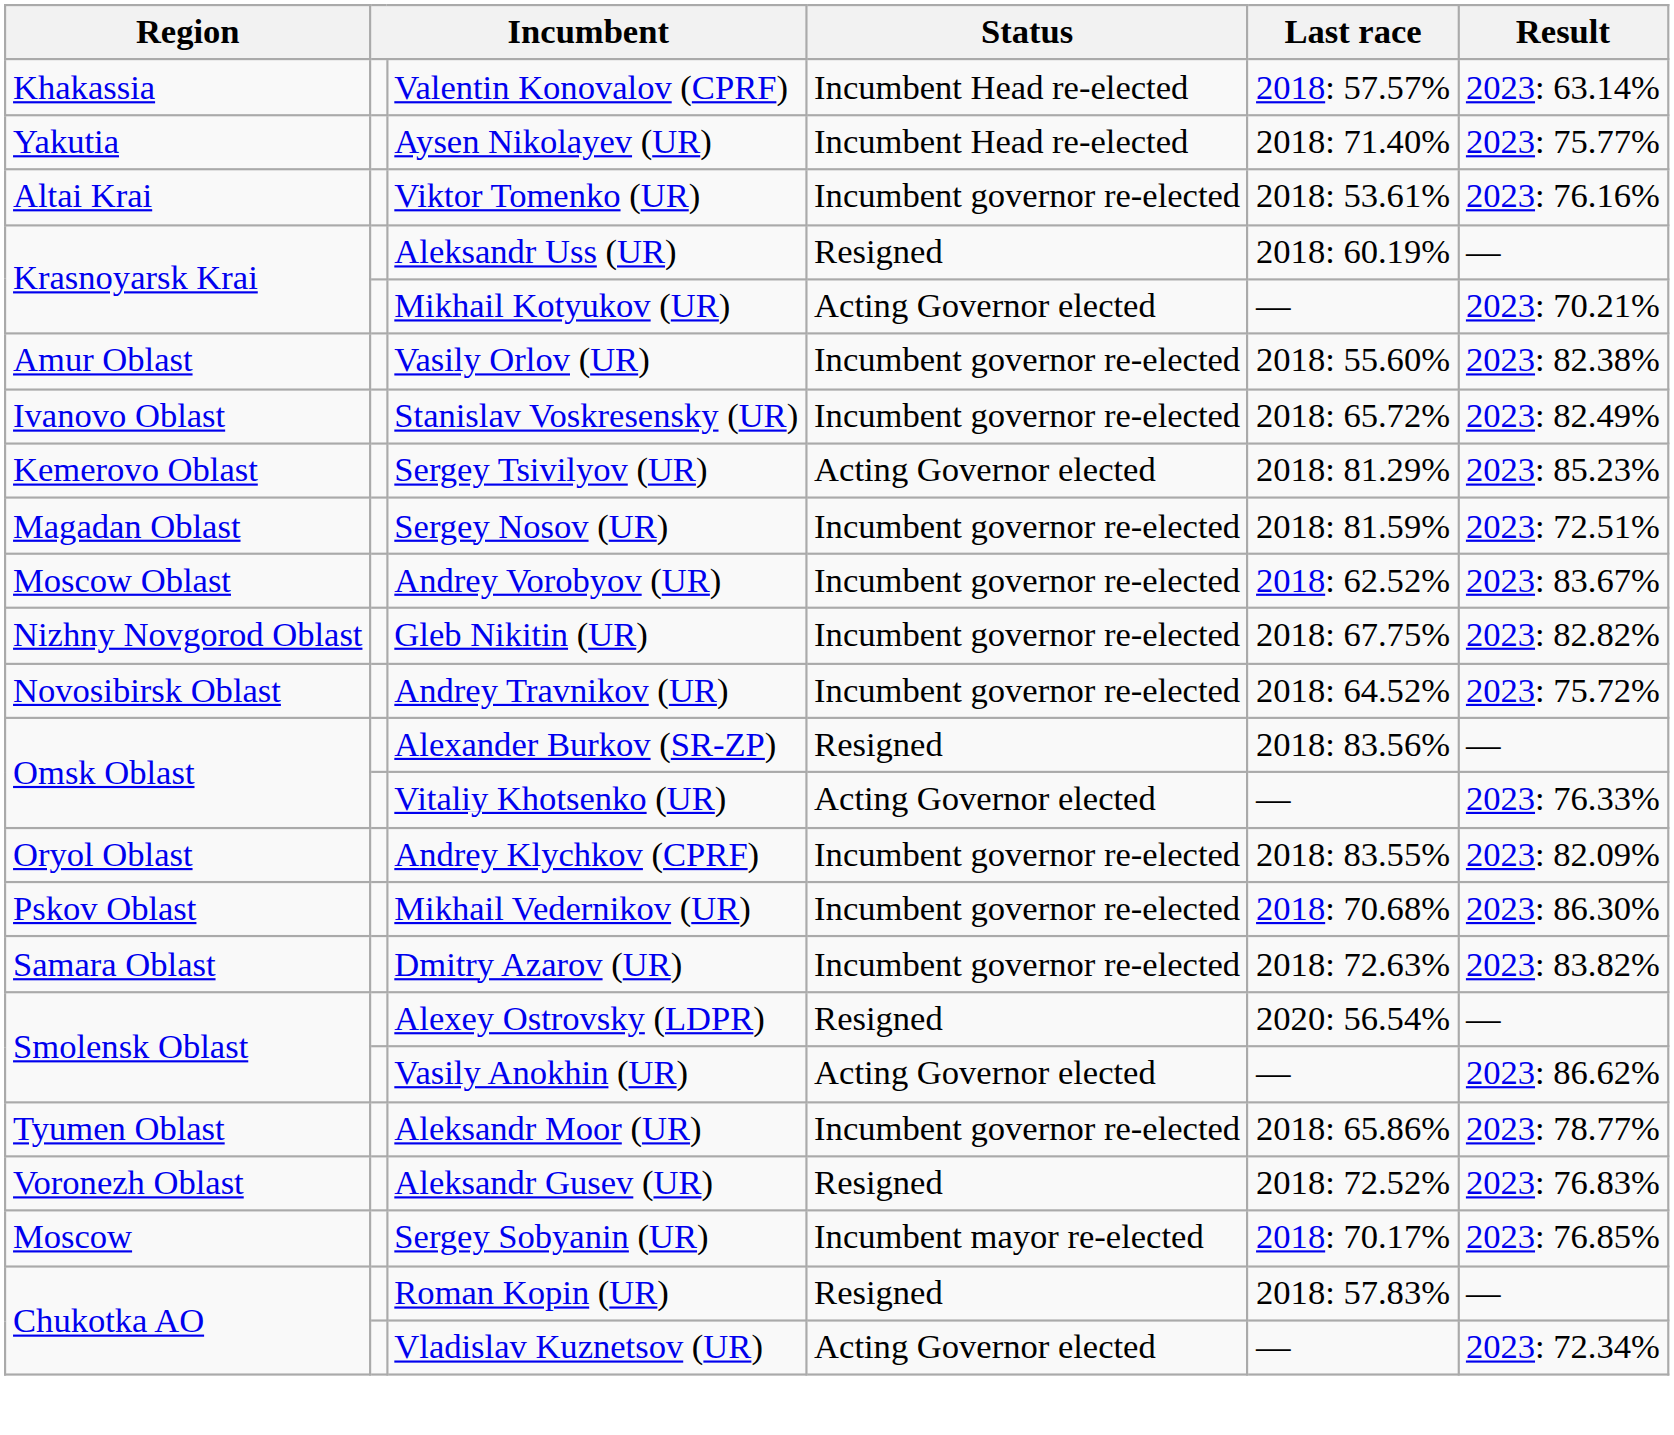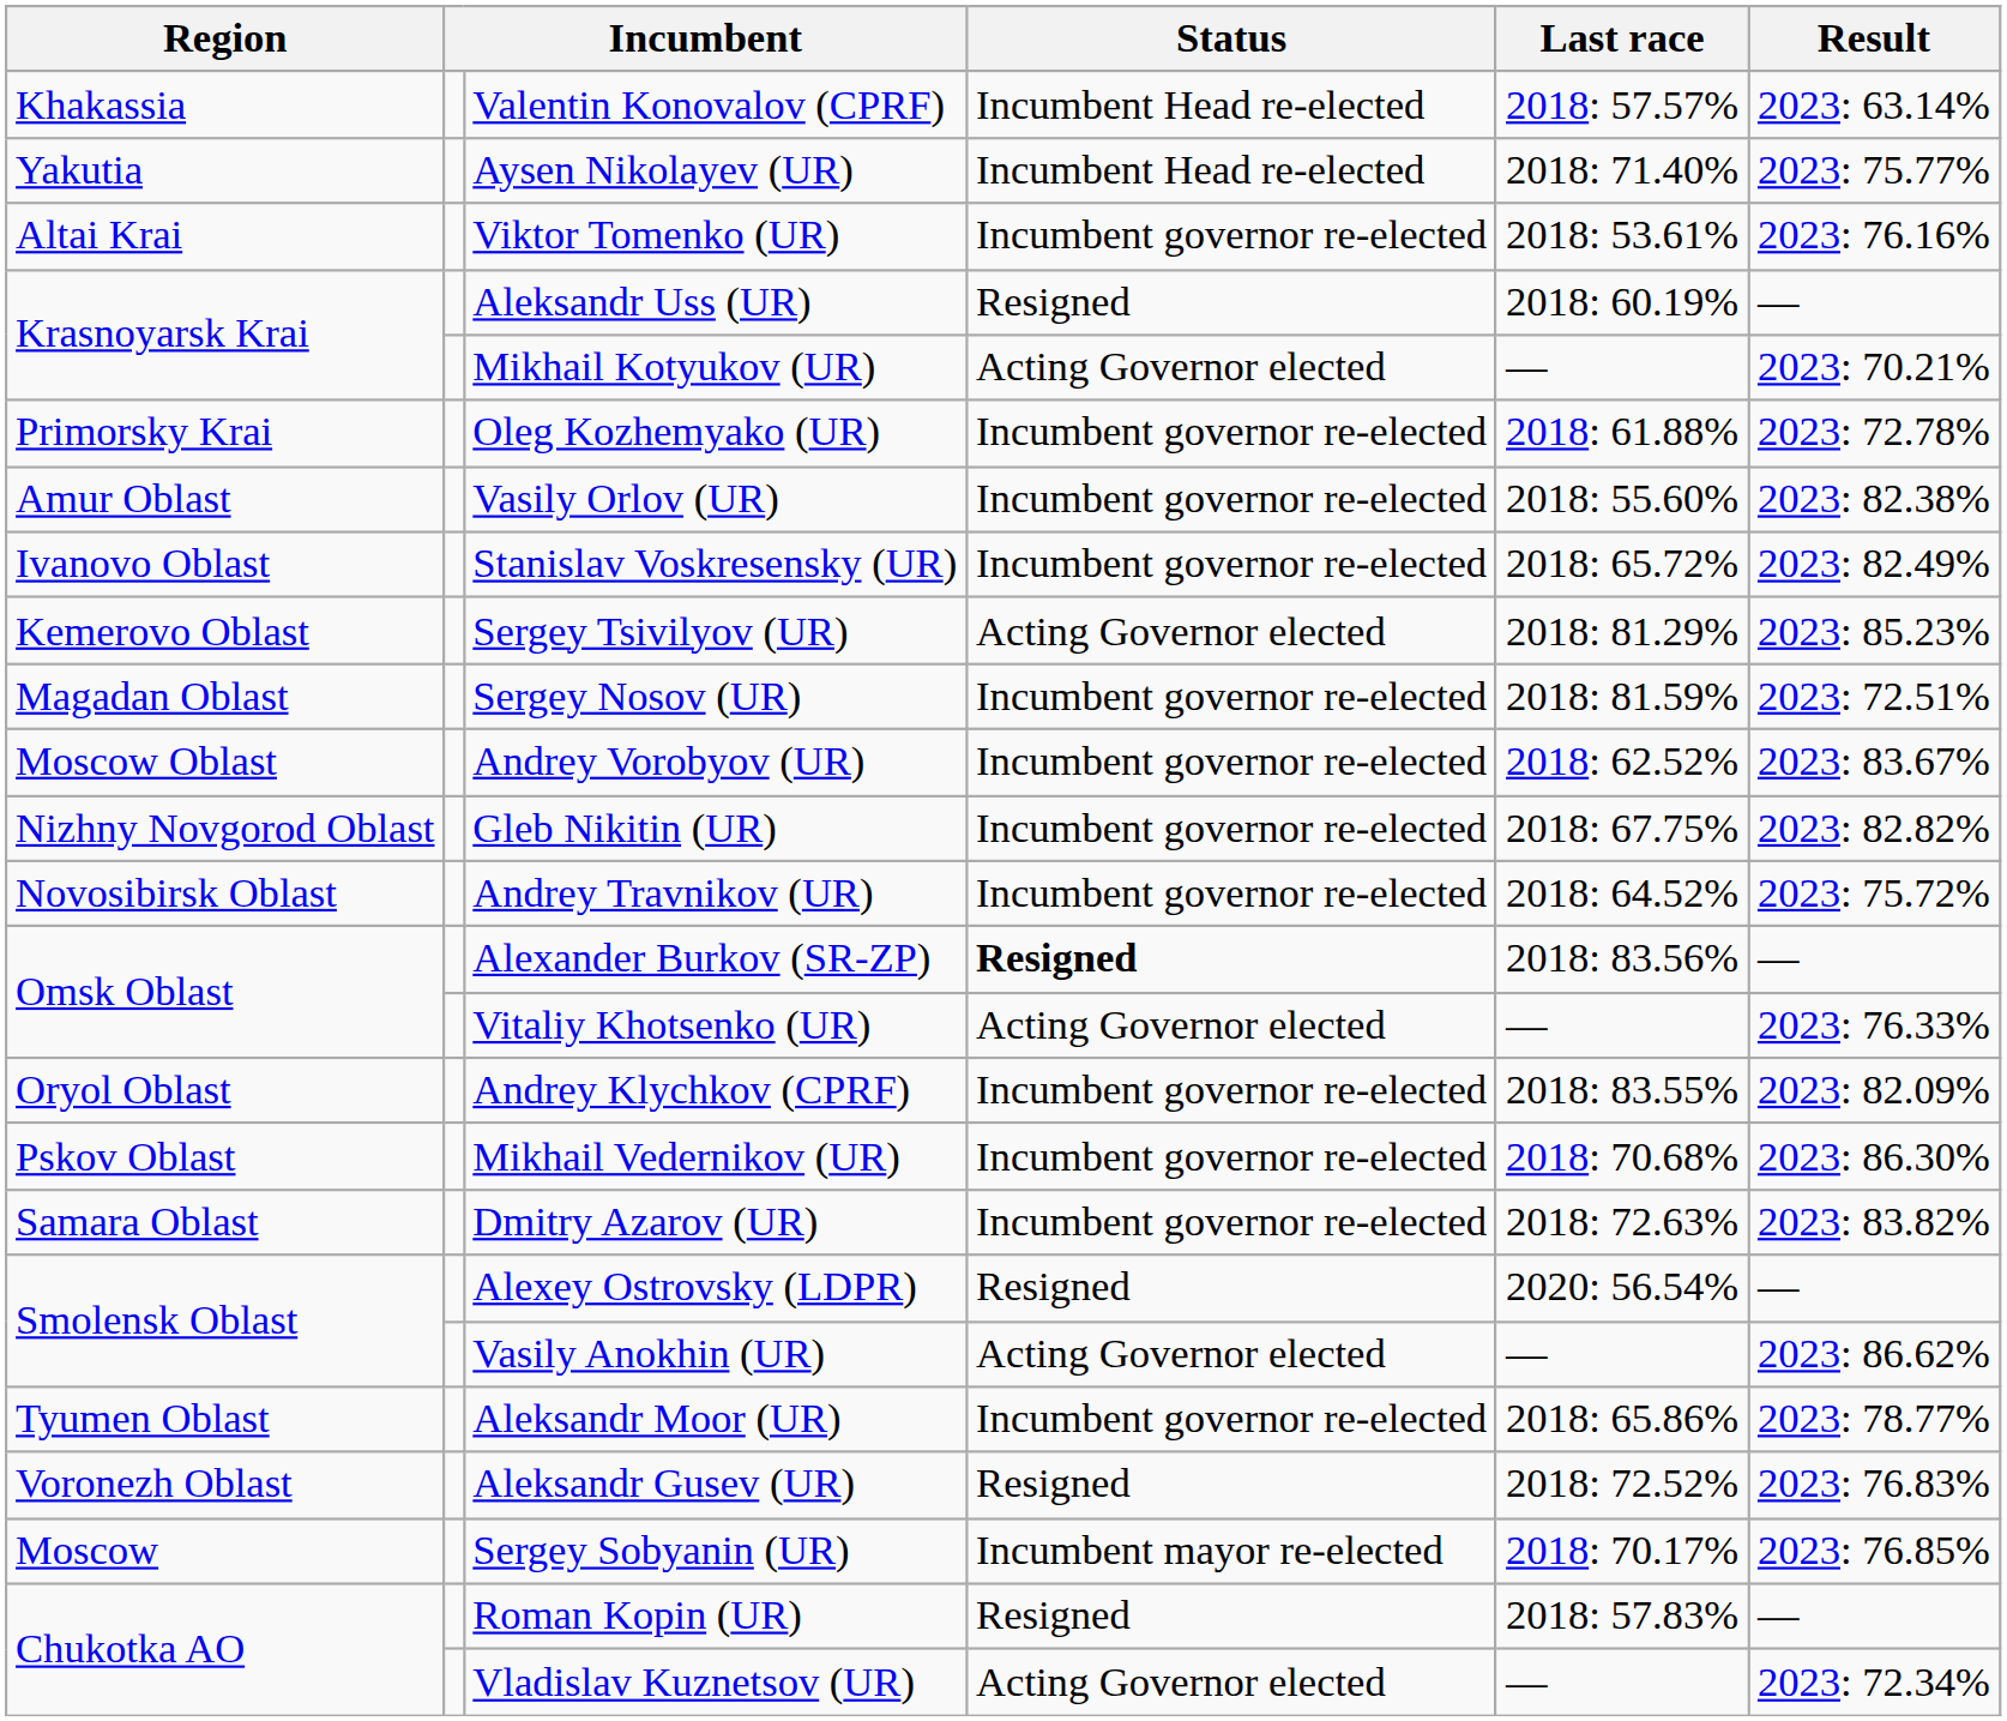 <table class="wikitable">
 <tr>
 <th>Region</th>
 <th colspan=2>Incumbent</th>
 <th>Status</th>
 <th>Last race</th>
 <th>Result</th>
 </tr>
 <tr>
 <td><a href='#'>Khakassia</a></td>
 <td style="background-color:"></td>
 <td><a href='#'>Valentin Konovalov</a> (<a href='#'>CPRF</a>)</td>
 <td>Incumbent Head re-elected</td>
 <td><a href='#'>2018</a>: 57.57%</td>
 <td><a href='#'>2023</a>: 63.14%</td>
 </tr>
 <tr>
 <td><a href='#'>Yakutia</a></td>
 <td style="background-color:"></td>
 <td><a href='#'>Aysen Nikolayev</a> (<a href='#'>UR</a>)</td>
 <td>Incumbent Head re-elected</td>
 <td>2018: 71.40%</td>
 <td><a href='#'>2023</a>: 75.77%</td>
 </tr>
 <tr>
 <td><a href='#'>Altai Krai</a></td>
 <td style="background-color:"></td>
 <td><a href='#'>Viktor Tomenko</a> (<a href='#'>UR</a>)</td>
 <td>Incumbent governor re-elected </td>
 <td>2018: 53.61%</td>
 <td><a href='#'>2023</a>: 76.16%</td>
 </tr>
 <tr>
 <td rowspan=2><a href='#'>Krasnoyarsk Krai</a></td>
 <td style="background-color:"></td>
 <td><a href='#'>Aleksandr Uss</a> (<a href='#'>UR</a>)</td>
 <td>Resigned</td>
 <td>2018: 60.19%</td>
 <td>—</td>
 </tr>
 <tr>
 <td style="background-color:"></td>
 <td><a href='#'>Mikhail Kotyukov</a> (<a href='#'>UR</a>)</td>
 <td>Acting Governor elected</td>
 <td>—</td>
 <td><a href='#'>2023</a>: 70.21%</td>
+</tr>
+<tr>
+<td><a href='#'>Primorsky Krai</a></td>
+<td style="background-color:"></td>
+<td><a href='#'>Oleg Kozhemyako</a> (<a href='#'>UR</a>)</td>
+<td>Incumbent governor re-elected</td>
+<td><a href='#'>2018</a>: 61.88%</td>
+<td><a href='#'>2023</a>: 72.78%</td>
 </tr>
 <tr>
 <td><a href='#'>Amur Oblast</a></td>
 <td style="background-color:"></td>
 <td><a href='#'>Vasily Orlov</a> (<a href='#'>UR</a>)</td>
 <td>Incumbent governor re-elected</td>
 <td>2018: 55.60%</td>
 <td><a href='#'>2023</a>: 82.38%</td>
 </tr>
 <tr>
 <td><a href='#'>Ivanovo Oblast</a></td>
 <td style="background-color:"></td>
 <td><a href='#'>Stanislav Voskresensky</a> (<a href='#'>UR</a>)</td>
 <td>Incumbent governor re-elected</td>
 <td>2018: 65.72%</td>
 <td><a href='#'>2023</a>: 82.49%</td>
 </tr>
 <tr>
 <td><a href='#'>Kemerovo Oblast</a></td>
 <td style="background-color:"></td>
 <td><a href='#'>Sergey Tsivilyov</a> (<a href='#'>UR</a>)</td>
 <td>Acting Governor elected</td>
 <td>2018: 81.29%</td>
 <td><a href='#'>2023</a>: 85.23%</td>
 </tr>
 <tr>
 <td><a href='#'>Magadan Oblast</a></td>
 <td style="background-color:"></td>
 <td><a href='#'>Sergey Nosov</a> (<a href='#'>UR</a>)</td>
 <td>Incumbent governor re-elected</td>
 <td>2018: 81.59%</td>
 <td><a href='#'>2023</a>: 72.51%</td>
 </tr>
 <tr>
 <td><a href='#'>Moscow Oblast</a></td>
 <td style="background-color:"></td>
 <td><a href='#'>Andrey Vorobyov</a> (<a href='#'>UR</a>)</td>
 <td>Incumbent governor re-elected</td>
 <td><a href='#'>2018</a>: 62.52%</td>
 <td><a href='#'>2023</a>: 83.67%</td>
 </tr>
 <tr>
 <td><a href='#'>Nizhny Novgorod Oblast</a></td>
 <td style="background-color:"></td>
 <td><a href='#'>Gleb Nikitin</a> (<a href='#'>UR</a>)</td>
 <td>Incumbent governor re-elected</td>
 <td>2018: 67.75%</td>
 <td><a href='#'>2023</a>: 82.82%</td>
 </tr>
 <tr>
 <td><a href='#'>Novosibirsk Oblast</a></td>
 <td style="background-color:"></td>
 <td><a href='#'>Andrey Travnikov</a> (<a href='#'>UR</a>)</td>
 <td>Incumbent governor re-elected</td>
 <td>2018: 64.52%</td>
 <td><a href='#'>2023</a>: 75.72%</td>
 </tr>
 <tr>
 <td rowspan=2><a href='#'>Omsk Oblast</a></td>
 <td style="background-color:"></td>
 <td><a href='#'>Alexander Burkov</a> (<a href='#'>SR-ZP</a>)</td>
-<td>Resigned</td>
+<td><strong>Resigned</strong></td>
 <td>2018: 83.56%</td>
 <td>—</td>
 </tr>
 <tr>
 <td style="background-color:"></td>
 <td><a href='#'>Vitaliy Khotsenko</a> (<a href='#'>UR</a>)</td>
 <td>Acting Governor elected</td>
 <td>—</td>
 <td><a href='#'>2023</a>: 76.33%</td>
 </tr>
 <tr>
 <td><a href='#'>Oryol Oblast</a></td>
 <td style="background-color:"></td>
 <td><a href='#'>Andrey Klychkov</a> (<a href='#'>CPRF</a>)</td>
 <td>Incumbent governor re-elected</td>
 <td>2018: 83.55%</td>
 <td><a href='#'>2023</a>: 82.09%</td>
 </tr>
 <tr>
 <td><a href='#'>Pskov Oblast</a></td>
 <td style="background-color:"></td>
 <td><a href='#'>Mikhail Vedernikov</a> (<a href='#'>UR</a>)</td>
 <td>Incumbent governor re-elected</td>
 <td><a href='#'>2018</a>: 70.68%</td>
 <td><a href='#'>2023</a>: 86.30%</td>
 </tr>
 <tr>
 <td><a href='#'>Samara Oblast</a></td>
 <td style="background-color:"></td>
 <td><a href='#'>Dmitry Azarov</a> (<a href='#'>UR</a>)</td>
 <td>Incumbent governor re-elected</td>
 <td>2018: 72.63%</td>
 <td><a href='#'>2023</a>: 83.82%</td>
 </tr>
 <tr>
 <td rowspan=2><a href='#'>Smolensk Oblast</a></td>
 <td style="background-color:"></td>
 <td><a href='#'>Alexey Ostrovsky</a> (<a href='#'>LDPR</a>)</td>
 <td>Resigned</td>
 <td>2020: 56.54%</td>
 <td>—</td>
 </tr>
 <tr>
 <td style="background-color:"></td>
 <td><a href='#'>Vasily Anokhin</a> (<a href='#'>UR</a>)</td>
 <td>Acting Governor elected</td>
 <td>—</td>
 <td><a href='#'>2023</a>: 86.62%</td>
 </tr>
 <tr>
 <td><a href='#'>Tyumen Oblast</a></td>
 <td style="background-color:"></td>
 <td><a href='#'>Aleksandr Moor</a> (<a href='#'>UR</a>)</td>
 <td>Incumbent governor re-elected</td>
 <td>2018: 65.86%</td>
 <td><a href='#'>2023</a>: 78.77%</td>
 </tr>
 <tr>
 <td><a href='#'>Voronezh Oblast</a></td>
 <td style="background-color:"></td>
 <td><a href='#'>Aleksandr Gusev</a> (<a href='#'>UR</a>)</td>
 <td>Resigned</td>
 <td>2018: 72.52%</td>
 <td><a href='#'>2023</a>: 76.83%</td>
 </tr>
 <tr>
 <td><a href='#'>Moscow</a></td>
 <td style="background-color:"></td>
 <td><a href='#'>Sergey Sobyanin</a> (<a href='#'>UR</a>)</td>
 <td>Incumbent mayor re-elected</td>
 <td><a href='#'>2018</a>: 70.17%</td>
 <td><a href='#'>2023</a>: 76.85%</td>
 </tr>
 <tr>
 <td rowspan=2><a href='#'>Chukotka AO</a></td>
 <td style="background-color:"></td>
 <td><a href='#'>Roman Kopin</a> (<a href='#'>UR</a>)</td>
 <td>Resigned</td>
 <td>2018: 57.83%</td>
 <td>—</td>
 </tr>
 <tr>
 <td style="background-color:"></td>
 <td><a href='#'>Vladislav Kuznetsov</a> (<a href='#'>UR</a>)</td>
 <td>Acting Governor elected</td>
 <td>—</td>
 <td><a href='#'>2023</a>: 72.34%</td>
 </tr>
 </table>
